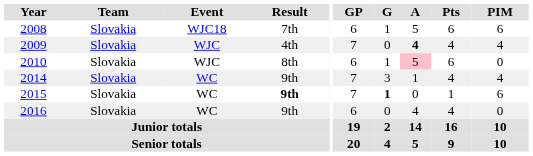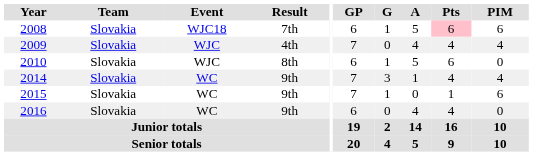 <table border="0" cellpadding="1" cellspacing="0" ID="Table3" style="text-align:center; width:40em">
 <tr ALIGN="center" bgcolor="#e0e0e0">
 <th>Year</th>
 <th>Team</th>
 <th>Event</th>
 <th>Result</th>
 <th rowspan="99" bgcolor="#ffffff"></th>
 <th>GP</th>
 <th>G</th>
 <th>A</th>
 <th>Pts</th>
 <th>PIM</th>
 </tr>
 <tr>
 <td><a href='#'>2008</a></td>
 <td><a href='#'>Slovakia</a></td>
 <td><a href='#'>WJC18</a></td>
 <td>7th</td>
 <td>6</td>
 <td>1</td>
 <td>5</td>
-<td>6</td>
+<td style="background: pink;">6</td>
 <td>6</td>
 </tr>
 <tr bgcolor="#f0f0f0">
 <td><a href='#'>2009</a></td>
 <td><a href='#'>Slovakia</a></td>
 <td><a href='#'>WJC</a></td>
 <td>4th</td>
 <td>7</td>
 <td>0</td>
-<td><strong>4</strong></td>
+<td>4</td>
 <td>4</td>
 <td>4</td>
 </tr>
 <tr>
 <td><a href='#'>2010</a></td>
 <td>Slovakia</td>
 <td>WJC</td>
 <td>8th</td>
 <td>6</td>
 <td>1</td>
-<td style="background: pink;">5</td>
+<td>5</td>
 <td>6</td>
 <td>0</td>
 </tr>
 <tr bgcolor="#f0f0f0">
 <td><a href='#'>2014</a></td>
 <td><a href='#'>Slovakia</a></td>
 <td><a href='#'>WC</a></td>
 <td>9th</td>
 <td>7</td>
 <td>3</td>
 <td>1</td>
 <td>4</td>
 <td>4</td>
 </tr>
 <tr>
 <td><a href='#'>2015</a></td>
 <td>Slovakia</td>
 <td>WC</td>
-<td><strong>9th</strong></td>
+<td>9th</td>
 <td>7</td>
-<td><strong>1</strong></td>
+<td>1</td>
 <td>0</td>
 <td>1</td>
 <td>6</td>
 </tr>
 <tr bgcolor="#f0f0f0">
 <td><a href='#'>2016</a></td>
 <td>Slovakia</td>
 <td>WC</td>
 <td>9th</td>
 <td>6</td>
 <td>0</td>
 <td>4</td>
 <td>4</td>
 <td>0</td>
 </tr>
 <tr ALIGN="center" bgcolor="#e0e0e0">
 <th colspan=4>Junior totals</th>
 <th>19</th>
 <th>2</th>
 <th>14</th>
 <th>16</th>
 <th>10</th>
 </tr>
 <tr ALIGN="center" bgcolor="#e0e0e0">
 <th colspan=4>Senior totals</th>
 <th>20</th>
 <th>4</th>
 <th>5</th>
 <th>9</th>
 <th>10</th>
 </tr>
 </table>
